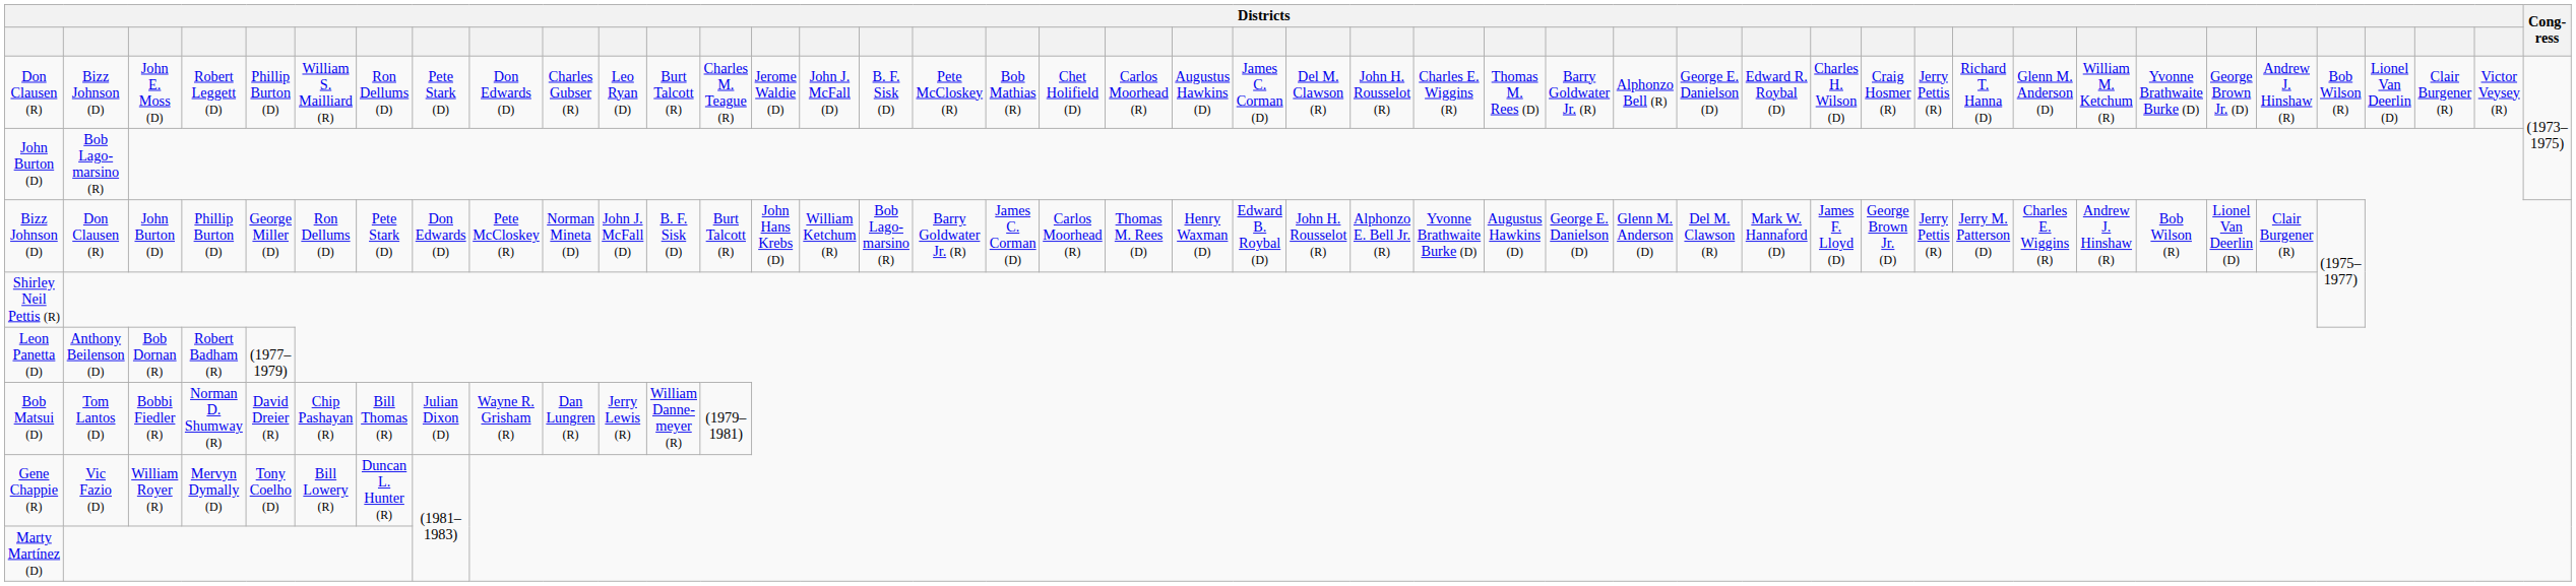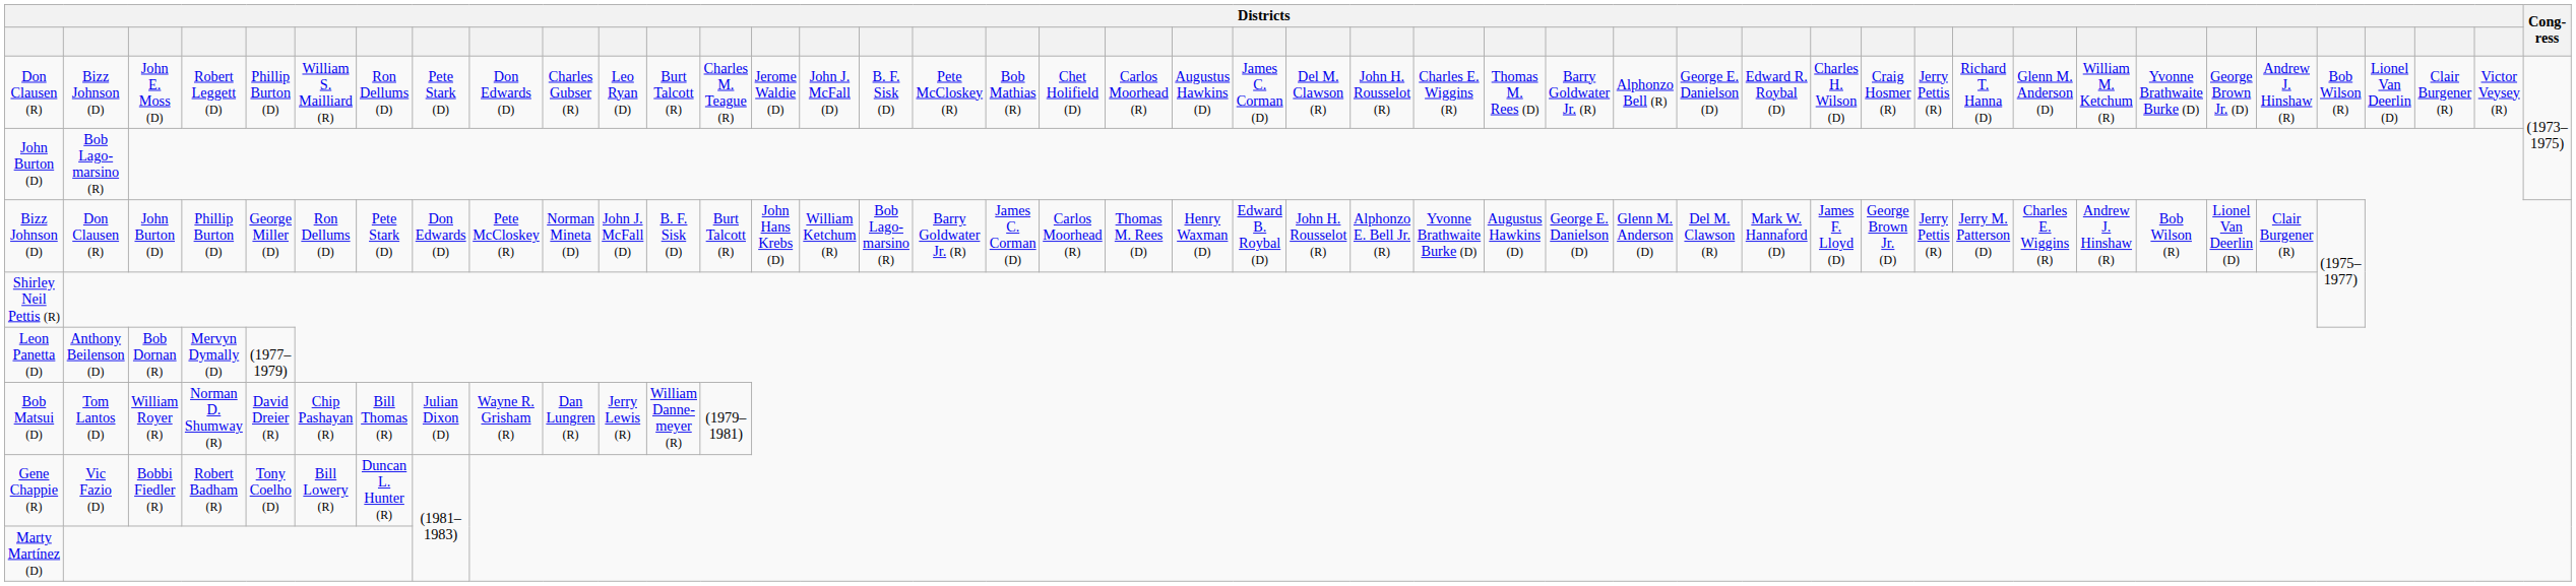 <table class=wikitable style="text-align:center">
 <tr>
 <th colspan=43>Districts</th>
 <th rowspan=2>Cong­ress</th>
 </tr>
 <tr style="height:2em">
 <th></th>
 <th></th>
 <th></th>
 <th></th>
 <th></th>
 <th></th>
 <th></th>
 <th></th>
 <th></th>
 <th></th>
 <th></th>
 <th></th>
 <th></th>
 <th></th>
 <th></th>
 <th></th>
 <th></th>
 <th></th>
 <th></th>
 <th></th>
 <th></th>
 <th></th>
 <th></th>
 <th></th>
 <th></th>
 <th></th>
 <th></th>
 <th></th>
 <th></th>
 <th></th>
 <th></th>
 <th></th>
 <th></th>
 <th></th>
 <th></th>
 <th></th>
 <th></th>
 <th></th>
 <th></th>
 <th></th>
 <th></th>
 <th></th>
 <th></th>
 </tr>
 <tr style="height:2em">
 <td><a href='#'>Don<br>Clausen</a><br><small>(R)</small></td>
 <td><a href='#'>Bizz<br>Johnson</a><br><small>(D)</small></td>
 <td><a href='#'>John<br>E.<br>Moss</a><br><small>(D)</small></td>
 <td><a href='#'>Robert<br>Leggett</a><br><small>(D)</small></td>
 <td><a href='#'>Phillip<br>Burton</a><br><small>(D)</small></td>
 <td><a href='#'>William S.<br>Mailliard</a> <small>(R)</small></td>
 <td><a href='#'>Ron<br>Dellums</a><br><small>(D)</small></td>
 <td><a href='#'>Pete<br>Stark</a><br><small>(D)</small></td>
 <td><a href='#'>Don<br>Edwards</a><br><small>(D)</small></td>
 <td><a href='#'>Charles<br>Gubser</a><br><small>(R)</small></td>
 <td><a href='#'>Leo<br>Ryan</a><br><small>(D)</small></td>
 <td><a href='#'>Burt<br>Talcott</a><br><small>(R)</small></td>
 <td><a href='#'>Charles M.<br>Teague</a> <small>(R)</small></td>
 <td><a href='#'>Jerome<br>Waldie</a><br><small>(D)</small></td>
 <td><a href='#'>John J.<br>McFall</a><br><small>(D)</small></td>
 <td><a href='#'>B. F.<br>Sisk</a><br><small>(D)</small></td>
 <td><a href='#'>Pete<br>McCloskey</a><br><small>(R)</small></td>
 <td><a href='#'>Bob<br>Mathias</a><br><small>(R)</small></td>
 <td><a href='#'>Chet<br>Holifield</a><br><small>(D)</small></td>
 <td><a href='#'>Carlos<br>Moorhead</a><br><small>(R)</small></td>
 <td><a href='#'>Augustus<br>Hawkins</a><br><small>(D)</small></td>
 <td><a href='#'>James C.<br>Corman</a><br><small>(D)</small></td>
 <td><a href='#'>Del M.<br>Clawson</a><br><small>(R)</small></td>
 <td><a href='#'>John H.<br>Rousselot</a><br><small>(R)</small></td>
 <td><a href='#'>Charles E.<br>Wiggins</a><br><small>(R)</small></td>
 <td><a href='#'>Thomas<br>M.<br>Rees</a> <small>(D)</small></td>
 <td><a href='#'>Barry<br>Goldwater<br>Jr.</a> <small>(R)</small></td>
 <td><a href='#'>Alphonzo<br>Bell</a> <small>(R)</small></td>
 <td><a href='#'>George E.<br>Danielson</a><br><small>(D)</small></td>
 <td><a href='#'>Edward R.<br>Roybal</a> <small>(D)</small></td>
 <td><a href='#'>Charles<br>H.<br>Wilson</a><br><small>(D)</small></td>
 <td><a href='#'>Craig<br>Hosmer</a><br><small>(R)</small></td>
 <td><a href='#'>Jerry<br>Pettis</a><br><small>(R)</small></td>
 <td><a href='#'>Richard T.<br>Hanna</a> <small>(D)</small></td>
 <td><a href='#'>Glenn M.<br>Anderson</a><br><small>(D)</small></td>
 <td><a href='#'>William<br>M.<br>Ketchum</a><br><small>(R)</small></td>
 <td><a href='#'>Yvonne<br>Brathwaite<br>Burke</a> <small>(D)</small></td>
 <td><a href='#'>George<br>Brown<br>Jr.</a> <small>(D)</small></td>
 <td><a href='#'>Andrew<br>J.<br>Hinshaw</a><br><small>(R)</small></td>
 <td><a href='#'>Bob<br>Wilson</a><br><small>(R)</small></td>
 <td><a href='#'>Lionel<br>Van<br>Deerlin</a><br><small>(D)</small></td>
 <td><a href='#'>Clair<br>Burgener</a><br><small>(R)</small></td>
 <td><a href='#'>Victor<br>Veysey</a><br><small>(R)</small></td>
 <td rowspan=2><strong></strong><br>(1973–1975)</td>
 </tr>
 <tr style="height:2em">
 <td><a href='#'>John<br>Burton</a> <small>(D)</small></td>
 <td><a href='#'>Bob Lago-<br>marsino</a> <small>(R)</small></td>
 </tr>
 <tr style="height:2em">
 <td><a href='#'>Bizz<br>Johnson</a><br><small>(D)</small></td>
 <td><a href='#'>Don<br>Clausen</a><br><small>(R)</small></td>
 <td><a href='#'>John<br>Burton</a><br><small>(D)</small></td>
 <td><a href='#'>Phillip<br>Burton</a><br><small>(D)</small></td>
 <td><a href='#'>George<br>Miller</a><br><small>(D)</small></td>
 <td><a href='#'>Ron<br>Dellums</a><br><small>(D)</small></td>
 <td><a href='#'>Pete<br>Stark</a><br><small>(D)</small></td>
 <td><a href='#'>Don<br>Edwards</a><br><small>(D)</small></td>
 <td><a href='#'>Pete<br>McCloskey</a><br><small>(R)</small></td>
 <td><a href='#'>Norman<br>Mineta</a><br><small>(D)</small></td>
 <td><a href='#'>John J.<br>McFall</a><br><small>(D)</small></td>
 <td><a href='#'>B. F.<br>Sisk</a><br><small>(D)</small></td>
 <td><a href='#'>Burt<br>Talcott</a><br><small>(R)</small></td>
 <td><a href='#'>John<br>Hans<br>Krebs</a><br><small>(D)</small></td>
 <td><a href='#'>William<br>Ketchum</a><br><small>(R)</small></td>
 <td><a href='#'>Bob<br>Lago-<br>marsino</a><br><small>(R)</small></td>
 <td><a href='#'>Barry<br>Goldwater<br>Jr.</a> <small>(R)</small></td>
 <td><a href='#'>James C.<br>Corman</a><br><small>(D)</small></td>
 <td><a href='#'>Carlos<br>Moorhead</a><br><small>(R)</small></td>
 <td><a href='#'>Thomas<br>M. Rees</a><br><small>(D)</small></td>
 <td><a href='#'>Henry<br>Waxman</a><br><small>(D)</small></td>
 <td><a href='#'>Edward<br>B.<br>Roybal</a><br><small>(D)</small></td>
 <td><a href='#'>John H.<br>Rousselot</a><br><small>(R)</small></td>
 <td><a href='#'>Alphonzo<br>E. Bell Jr.</a><br><small>(R)</small></td>
 <td><a href='#'>Yvonne<br>Brathwaite<br>Burke</a> <small>(D)</small></td>
 <td><a href='#'>Augustus<br>Hawkins</a><br><small>(D)</small></td>
 <td><a href='#'>George E.<br>Danielson</a><br><small>(D)</small></td>
 <td><a href='#'>Glenn M.<br>Anderson</a><br><small>(D)</small></td>
 <td><a href='#'>Del M.<br>Clawson</a><br><small>(R)</small></td>
 <td><a href='#'>Mark W.<br>Hannaford</a><br><small>(D)</small></td>
 <td><a href='#'>James F.<br>Lloyd</a><br><small>(D)</small></td>
 <td><a href='#'>George<br>Brown<br>Jr.</a><br><small>(D)</small></td>
 <td><a href='#'>Jerry<br>Pettis</a> <small>(R)</small></td>
 <td><a href='#'>Jerry M.<br>Patterson</a><br><small>(D)</small></td>
 <td><a href='#'>Charles<br>E.<br>Wiggins</a><br><small>(R)</small></td>
 <td><a href='#'>Andrew J.<br>Hinshaw</a><br><small>(R)</small></td>
 <td><a href='#'>Bob<br>Wilson</a><br><small>(R)</small></td>
 <td><a href='#'>Lionel<br>Van<br>Deerlin</a><br><small>(D)</small></td>
 <td><a href='#'>Clair<br>Burgener</a><br><small>(R)</small></td>
 <td rowspan=2><strong></strong><br>(1975–1977)</td>
 </tr>
 <tr style="height:2em">
 <td><a href='#'>Shirley<br>Neil<br>Pettis</a> <small>(R)</small></td>
 </tr>
 <tr style="height:3em">
 <td><a href='#'>Leon<br>Panetta</a><br><small>(D)</small></td>
 <td><a href='#'>Anthony<br>Beilenson</a><br><small>(D)</small></td>
 <td><a href='#'>Bob<br>Dornan</a><br><small>(R)</small></td>
-<td><a href='#'>Robert<br>Badham</a><br><small>(R)</small></td>
+<td><a href='#'>Mervyn<br>Dymally</a><br><small>(D)</small></td>
 <td><strong></strong><br>(1977–1979)</td>
 </tr>
 <tr style="height:3em">
 <td><a href='#'>Bob<br>Matsui</a><br><small>(D)</small></td>
 <td><a href='#'>Tom<br>Lantos</a><br><small>(D)</small></td>
-<td><a href='#'>Bobbi<br>Fiedler</a><br><small>(R)</small></td>
+<td><a href='#'>William<br>Royer</a> <small>(R)</small></td>
 <td><a href='#'>Norman<br>D.<br>Shumway</a><br><small>(R)</small></td>
 <td><a href='#'>David<br>Dreier</a><br><small>(R)</small></td>
 <td><a href='#'>Chip<br>Pashayan</a><br><small>(R)</small></td>
 <td><a href='#'>Bill<br>Thomas</a><br><small>(R)</small></td>
 <td><a href='#'>Julian<br>Dixon</a><br><small>(D)</small></td>
 <td><a href='#'>Wayne R.<br>Grisham</a><br><small>(R)</small></td>
 <td><a href='#'>Dan<br>Lungren</a><br><small>(R)</small></td>
 <td><a href='#'>Jerry<br>Lewis</a><br><small>(R)</small></td>
 <td><a href='#'>William<br>Danne-<br>meyer</a><br><small>(R)</small></td>
 <td><strong></strong><br>(1979–1981)</td>
 </tr>
 <tr style="height:2em">
 <td><a href='#'>Gene<br>Chappie</a><br><small>(R)</small></td>
 <td><a href='#'>Vic<br>Fazio</a><br><small>(D)</small></td>
-<td><a href='#'>William<br>Royer</a> <small>(R)</small></td>
-<td><a href='#'>Mervyn<br>Dymally</a><br><small>(D)</small></td>
+<td><a href='#'>Bobbi<br>Fiedler</a><br><small>(R)</small></td>
+<td><a href='#'>Robert<br>Badham</a><br><small>(R)</small></td>
 <td><a href='#'>Tony<br>Coelho</a><br><small>(D)</small></td>
 <td><a href='#'>Bill<br>Lowery</a><br><small>(R)</small></td>
 <td><a href='#'>Duncan L.<br>Hunter</a><br><small>(R)</small></td>
 <td rowspan=2><strong></strong><br>(1981–1983)</td>
 </tr>
 <tr style="height:2em">
 <td><a href='#'>Marty<br>Martínez</a> <small>(D)</small></td>
 </tr>
 </table>
